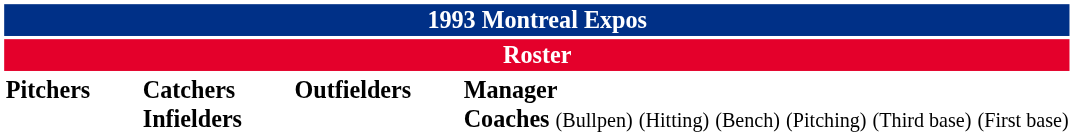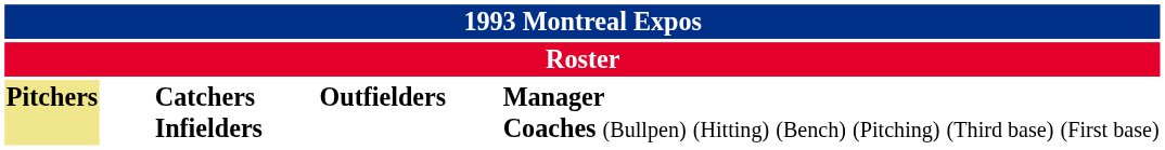 <table class="toccolours" style="font-size: 95%;">
 <tr>
 <th colspan="10" style="background-color: #003087; color: #FFFFFF; text-align: center;">1993 Montreal Expos</th>
 </tr>
 <tr>
 <td colspan="10" style="background-color: #E4002B; color: #FFFFFF; text-align: center;"><strong>Roster</strong></td>
 </tr>
 <tr>
-<td valign="top"><strong>Pitchers</strong><br>                     </td>
+<td valign="top" style="background: khaki;"><strong>Pitchers</strong><br>                     </td>
 <td width="25px"></td>
 <td valign="top"><strong>Catchers</strong><br>    <strong>Infielders</strong>             </td>
 <td width="25px"></td>
 <td valign="top"><strong>Outfielders</strong><br>        </td>
 <td width="25px"></td>
 <td valign="top"><strong>Manager</strong><br> <strong>Coaches</strong>  <small>(Bullpen)</small>  <small>(Hitting)</small>  <small>(Bench)</small>  <small>(Pitching)</small>  <small>(Third base)</small>  <small>(First base)</small></td>
 </tr>
 </table>
